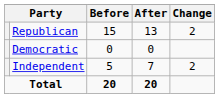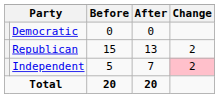 <table class="wikitable" style="text-align:center;">
 <tr>
 </tr>
 <tr>
 <th colspan=2>Party</th>
 <th>Before</th>
 <th>After</th>
 <th>Change</th>
 </tr>
 <tr>
 <th style="background-color:"></th>
+<td style="text-align:left;"><a href='#'>Democratic</a></td>
+<td>0</td>
+<td>0</td>
+<td></td>
+</tr>
+<tr>
+<th style="background-color:"></th>
 <td style="text-align:left;"><a href='#'>Republican</a></td>
 <td>15</td>
 <td>13</td>
 <td> 2</td>
 </tr>
 <tr>
 <th style="background-color:"></th>
-<td style="text-align:left;"><a href='#'>Democratic</a></td>
-<td>0</td>
-<td>0</td>
-<td></td>
-</tr>
-<tr>
-<th style="background-color:"></th>
 <td style="text-align:left;"><a href='#'>Independent</a></td>
 <td>5</td>
 <td>7</td>
-<td> 2</td>
+<td style="background: pink;"> 2</td>
 </tr>
 <tr>
 <td colspan=2><strong>Total</strong></td>
 <td><strong>20</strong></td>
 <td><strong>20</strong></td>
 <td></td>
 </tr>
 </table>
